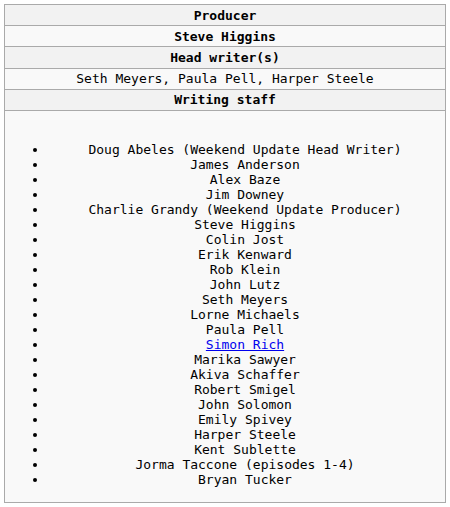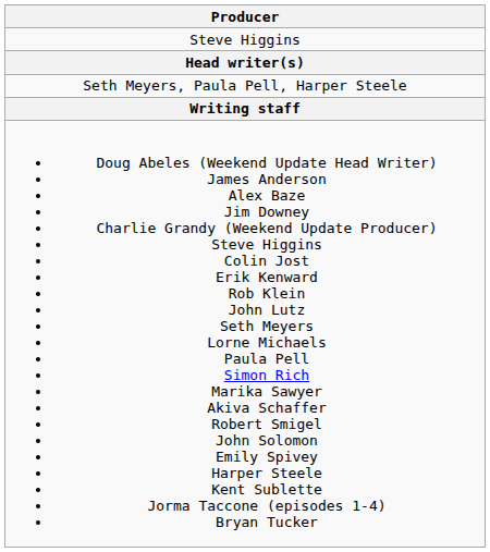 <table class="wikitable plainrowheaders"  style="text-align:center; width:50%;">
 <tr>
 <th><strong>Producer</strong></th>
 </tr>
 <tr>
-<td><strong>Steve Higgins</strong></td>
+<td>Steve Higgins</td>
 </tr>
 <tr>
 <th><strong>Head writer(s)</strong></th>
 </tr>
 <tr>
 <td>Seth Meyers, Paula Pell, Harper Steele</td>
 </tr>
 <tr>
 <th><strong>Writing staff</strong></th>
 </tr>
 <tr>
 <td><br><ul><li>Doug Abeles (Weekend Update Head Writer)</li><li>James Anderson</li><li>Alex Baze</li><li>Jim Downey</li><li>Charlie Grandy (Weekend Update Producer)</li><li>Steve Higgins</li><li>Colin Jost</li><li>Erik Kenward</li><li>Rob Klein</li><li>John Lutz</li><li>Seth Meyers</li><li>Lorne Michaels</li><li>Paula Pell</li><li><a href='#'>Simon Rich</a></li><li>Marika Sawyer</li><li>Akiva Schaffer</li><li>Robert Smigel</li><li>John Solomon</li><li>Emily Spivey</li><li>Harper Steele</li><li>Kent Sublette</li><li>Jorma Taccone (episodes 1-4)</li><li>Bryan Tucker</li></ul></td>
 </tr>
 </table>
